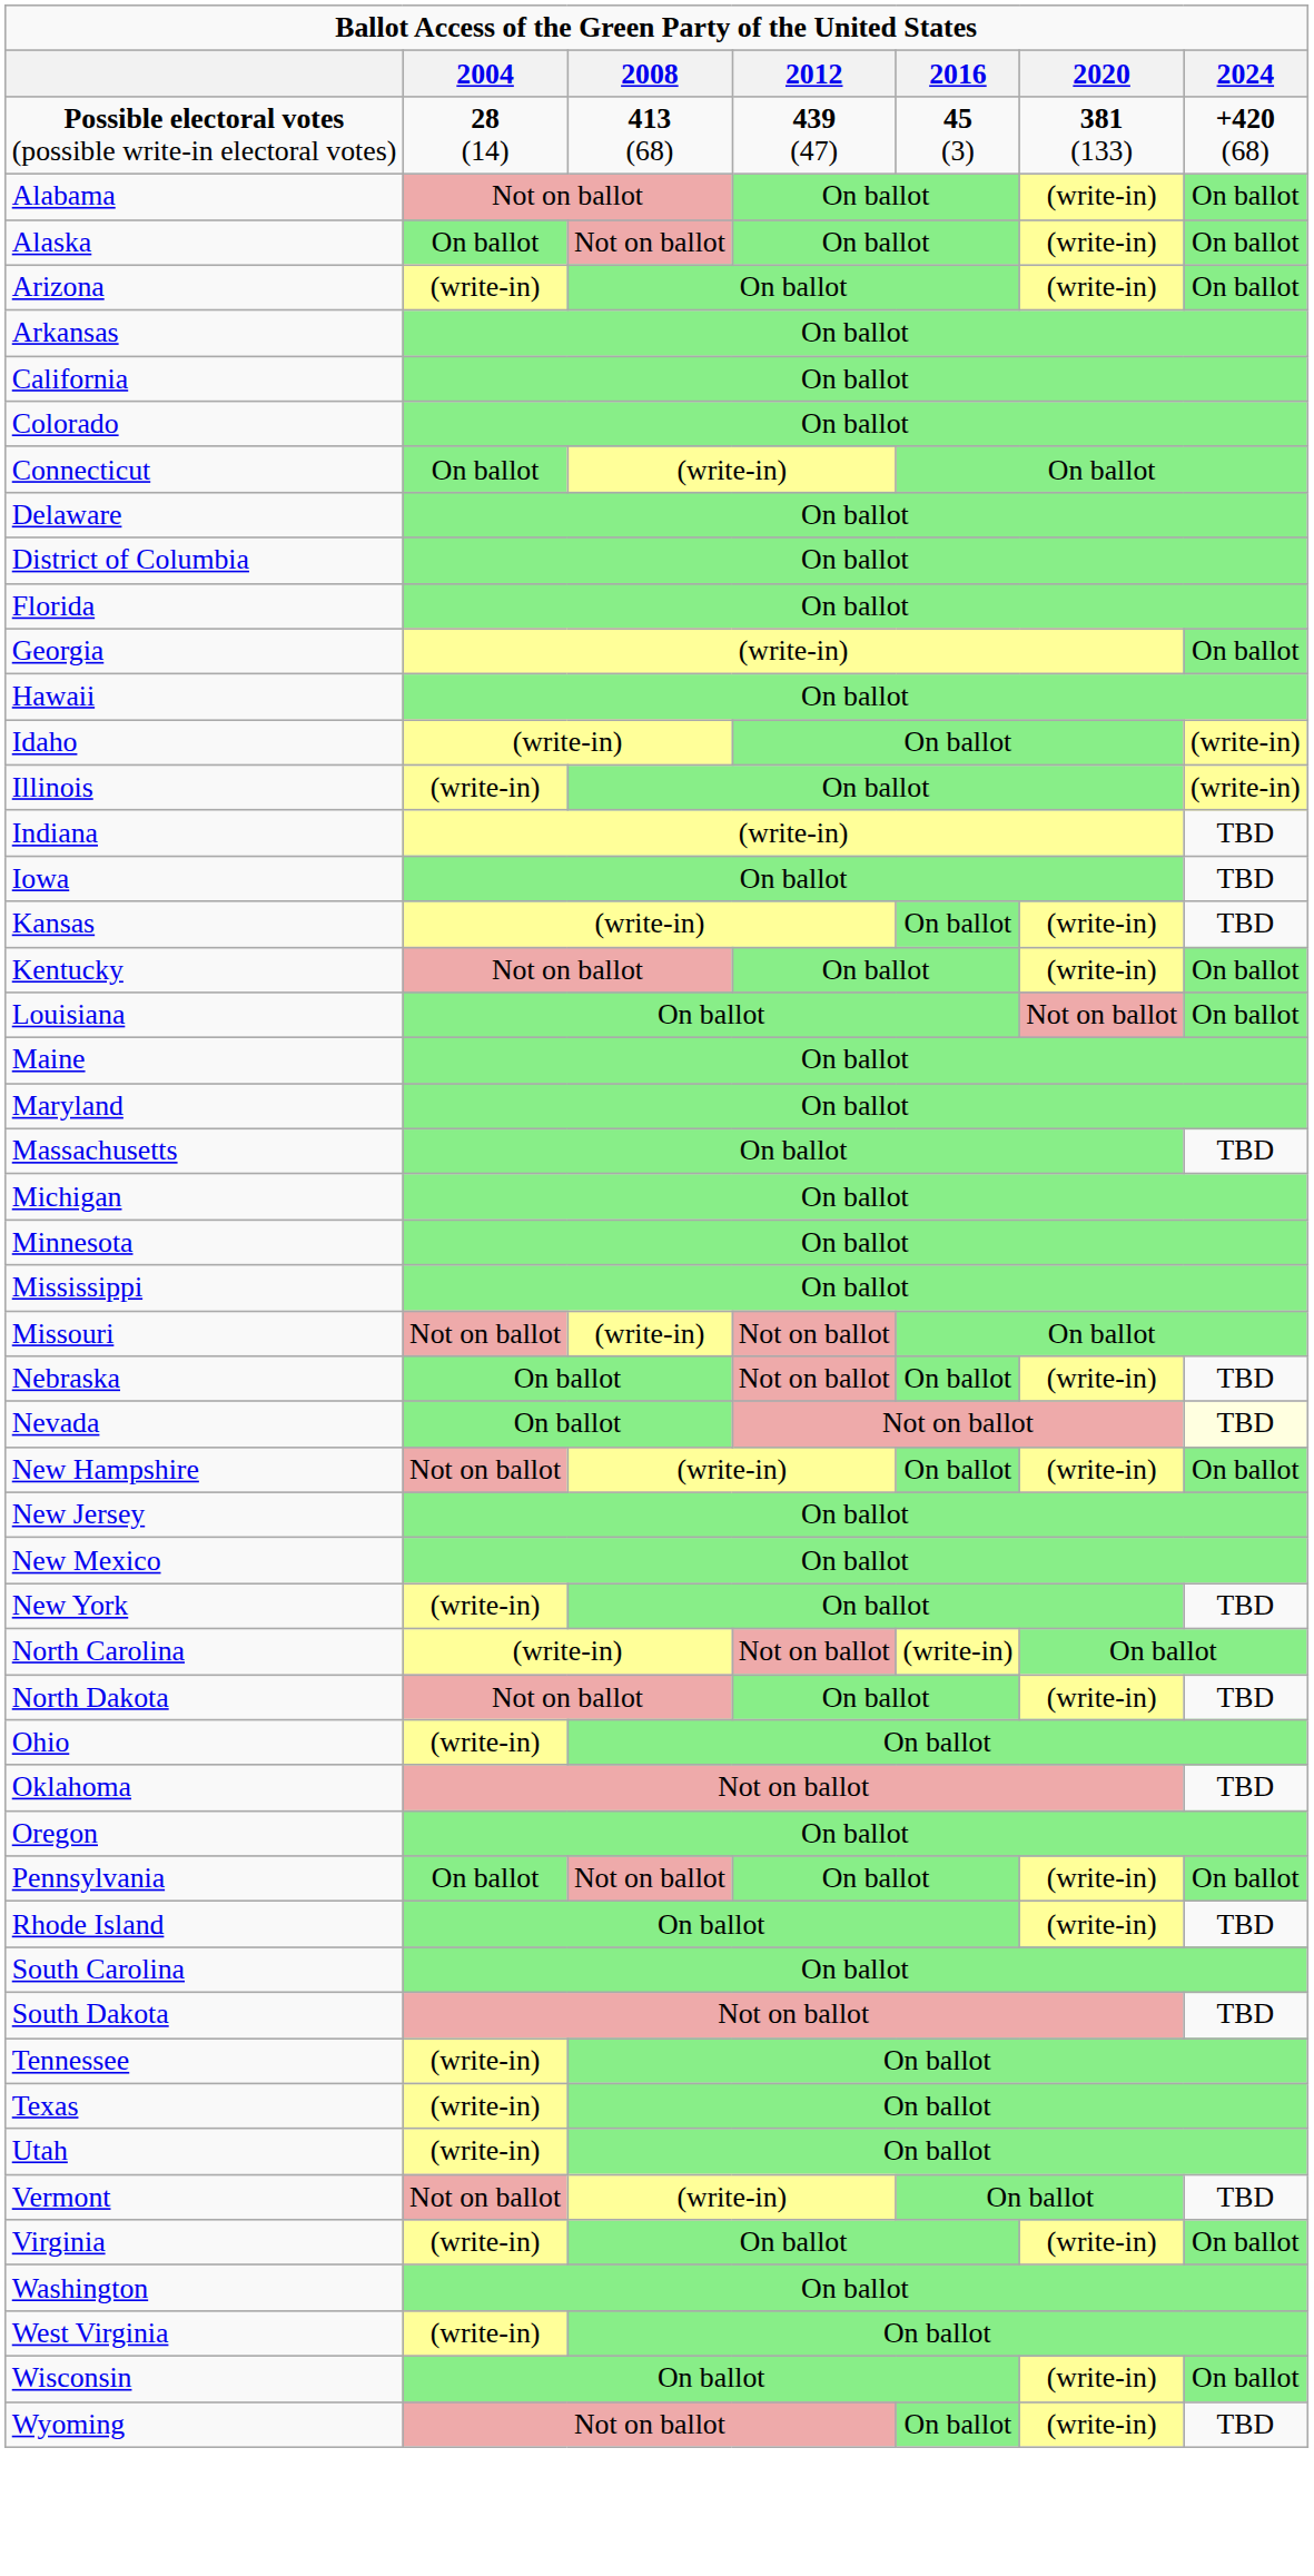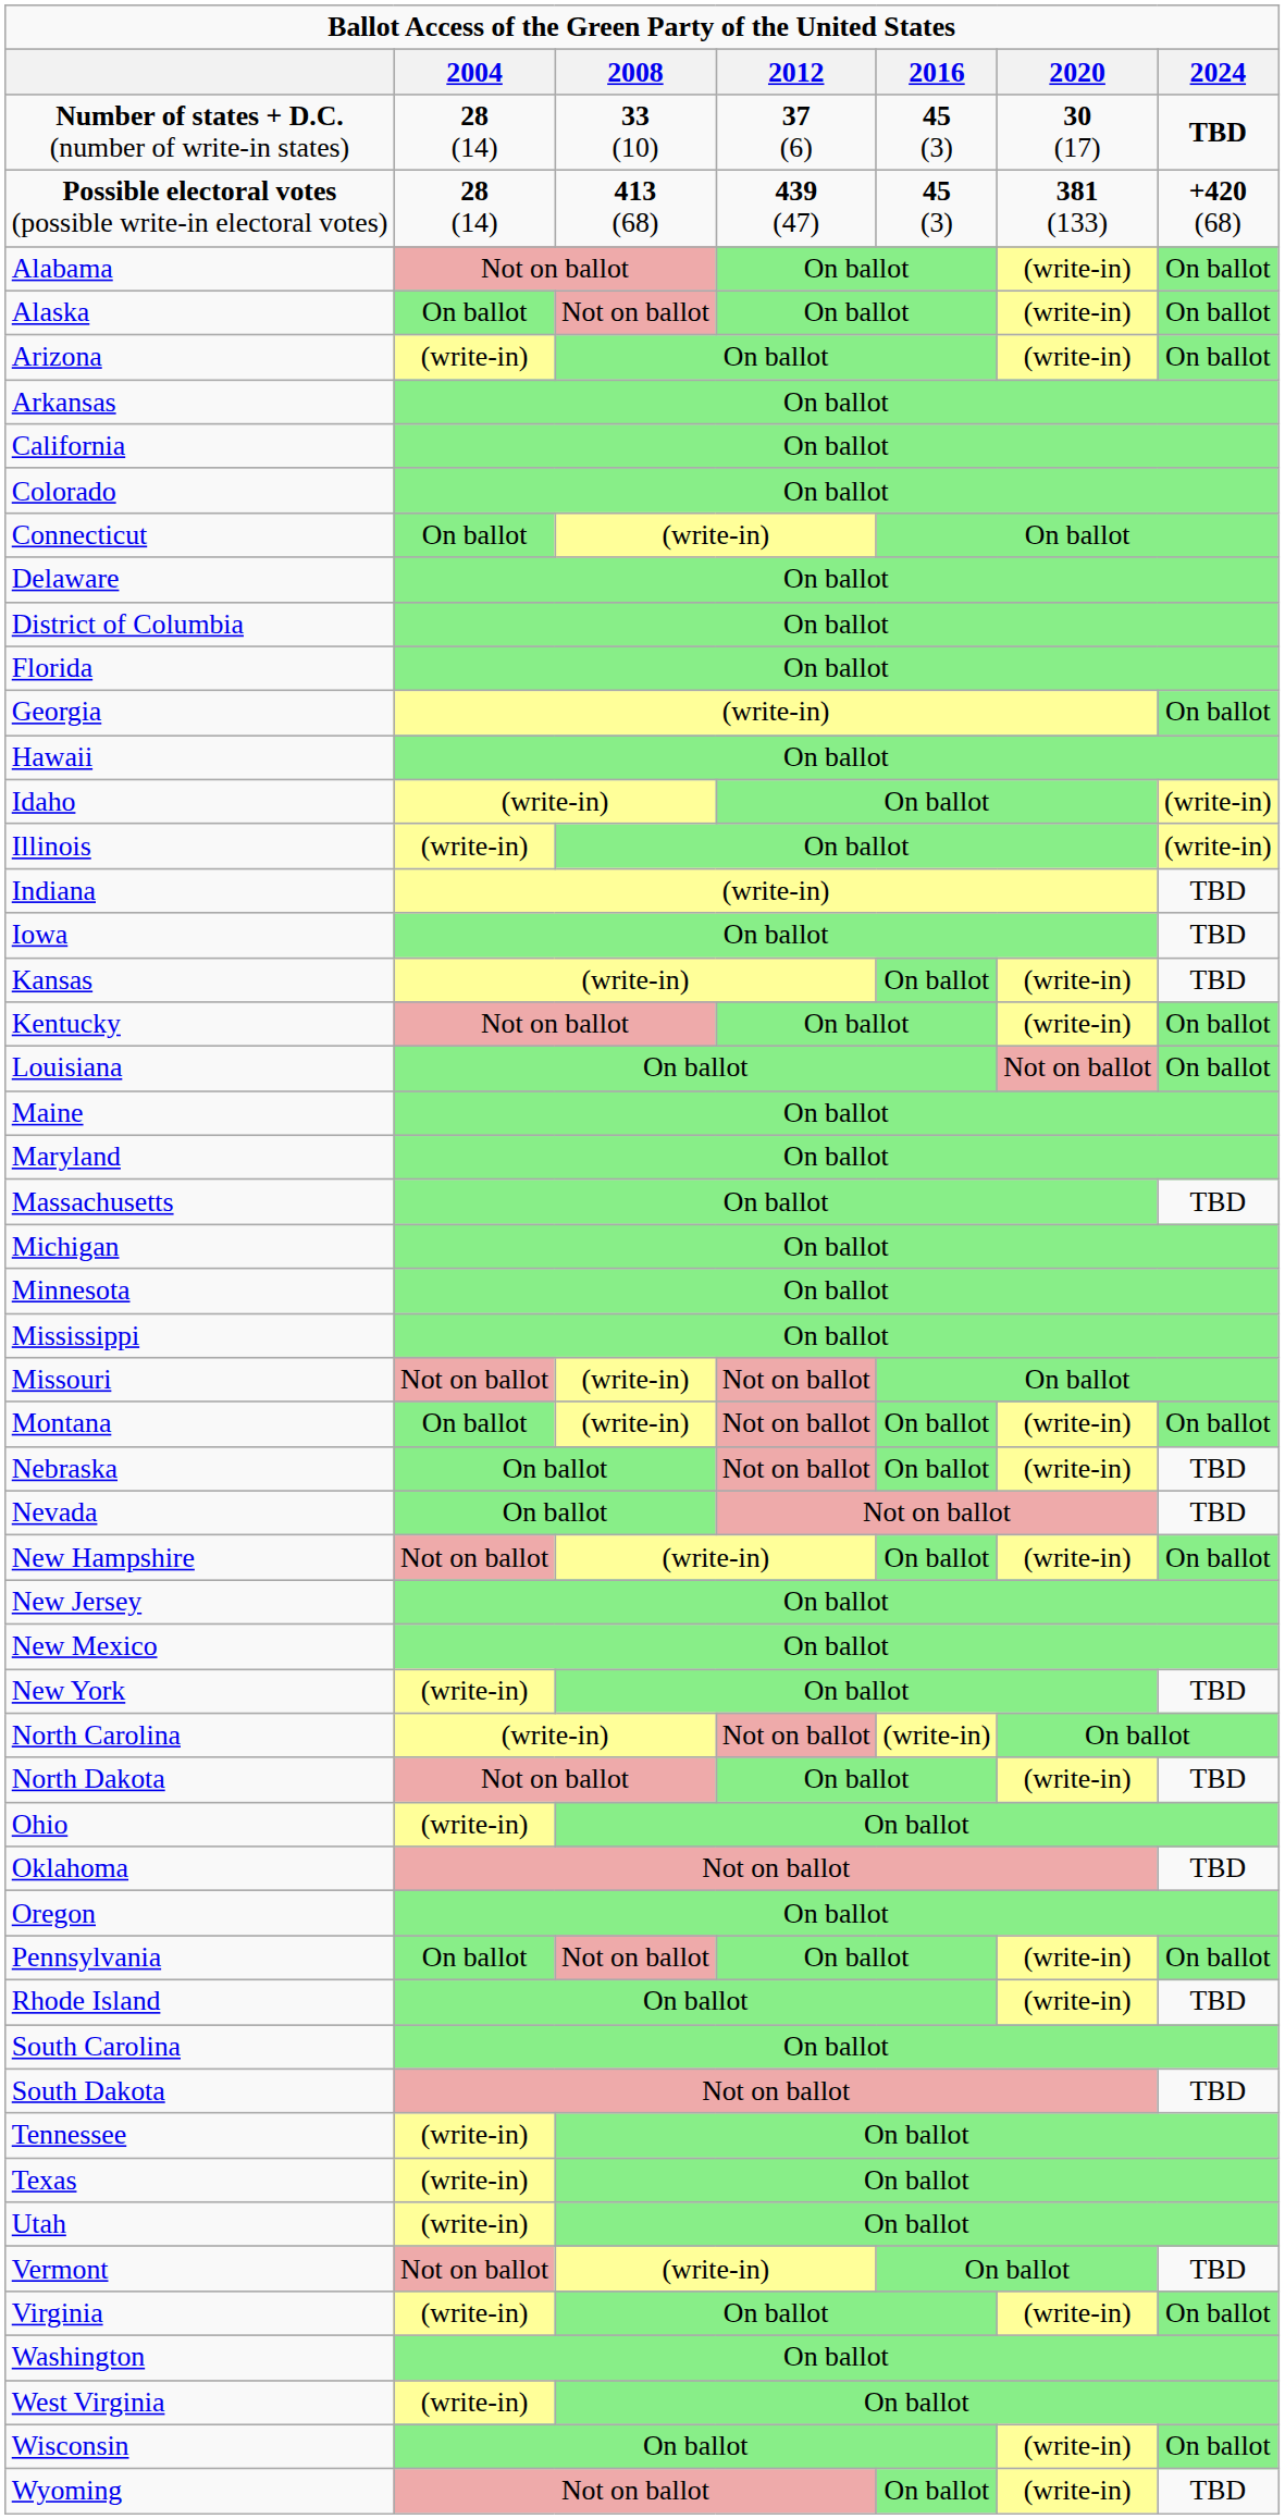 <table class=wikitable>
 <tr>
 <td style="text-align:center;" colspan="7"><strong>Ballot Access of the Green Party of the United States</strong></td>
 </tr>
 <tr>
 <th></th>
 <th style="text-align:center;"><a href='#'>2004</a></th>
 <th style="text-align:center;"><a href='#'>2008</a></th>
 <th style="text-align:center;"><a href='#'>2012</a></th>
 <th style="text-align:center;"><a href='#'>2016</a></th>
 <th style="text-align:center;"><a href='#'>2020</a></th>
 <th style="text-align:center;"><a href='#'>2024</a></th>
+</tr>
+<tr>
+<td style="text-align:center;"><strong>Number of states + D.C.</strong><br>(number of write-in states)</td>
+<td style="text-align:center;"><strong>28</strong><br>(14)</td>
+<td style="text-align:center;"><strong>33</strong><br>(10)</td>
+<td style="text-align:center;"><strong>37</strong><br>(6)</td>
+<td style="text-align:center;"><strong>45</strong><br>(3)</td>
+<td style="text-align:center;"><strong>30</strong><br>(17)</td>
+<td style="text-align:center;"><strong>TBD</strong></td>
 </tr>
 <tr>
 <td style="text-align:center;"><strong>Possible electoral votes</strong><br>(possible write-in electoral votes)</td>
 <td style="text-align:center;"><strong>28</strong><br>(14)</td>
 <td style="text-align:center;"><strong>413</strong><br>(68)</td>
 <td style="text-align:center;"><strong>439</strong><br>(47)</td>
 <td style="text-align:center;"><strong>45</strong><br>(3)</td>
 <td style="text-align:center;"><strong>381</strong><br>(133)</td>
 <td style="text-align:center;"><strong>+420</strong><br>(68)</td>
 </tr>
 <tr>
 <td><a href='#'>Alabama</a></td>
 <td style="text-align:center; background:#eaa;" colspan="2">Not on ballot</td>
 <td style="text-align:center; background:#88ee88;" colspan="2">On ballot</td>
 <td style="text-align:center; background:#ff9;">(write-in)</td>
 <td style="text-align:center; background:#88ee88;">On ballot</td>
 </tr>
 <tr>
 <td><a href='#'>Alaska</a></td>
 <td style="text-align:center; background:#88ee88;">On ballot</td>
 <td style="text-align:center; background:#eaa;">Not on ballot</td>
 <td style="text-align:center; background:#88ee88;" colspan="2">On ballot</td>
 <td style="text-align:center; background:#ff9;">(write-in)</td>
 <td style="text-align:center; background:#88ee88;">On ballot</td>
 </tr>
 <tr>
 <td><a href='#'>Arizona</a></td>
 <td style="text-align:center; background:#ff9;">(write-in)</td>
 <td style="text-align:center; background:#88ee88;" colspan="3">On ballot</td>
 <td style="text-align:center; background:#ff9;">(write-in)</td>
 <td style="text-align:center; background:#88ee88;">On ballot</td>
 </tr>
 <tr>
 <td><a href='#'>Arkansas</a></td>
 <td style="text-align:center; background:#88ee88;" colspan="6">On ballot</td>
 </tr>
 <tr>
 <td><a href='#'>California</a></td>
 <td style="text-align:center; background:#88ee88;" colspan="6">On ballot</td>
 </tr>
 <tr>
 <td><a href='#'>Colorado</a></td>
 <td style="text-align:center; background:#88ee88;" colspan="6">On ballot</td>
 </tr>
 <tr>
 <td><a href='#'>Connecticut</a></td>
 <td style="text-align:center; background:#88ee88;">On ballot</td>
 <td style="text-align:center; background:#ff9;" colspan="2">(write-in)</td>
 <td style="text-align:center; background:#88ee88;" colspan="3">On ballot</td>
 </tr>
 <tr>
 <td><a href='#'>Delaware</a></td>
 <td style="text-align:center; background:#88ee88;" colspan="6">On ballot</td>
 </tr>
 <tr>
 <td><a href='#'>District of Columbia</a></td>
 <td style="text-align:center; background:#88ee88;" colspan="6">On ballot</td>
 </tr>
 <tr>
 <td><a href='#'>Florida</a></td>
 <td style="text-align:center; background:#88ee88;" colspan="6">On ballot</td>
 </tr>
 <tr>
 <td><a href='#'>Georgia</a></td>
 <td style="text-align:center; background:#ff9;" colspan="5">(write-in)</td>
 <td style="text-align:center; background:#88ee88;">On ballot</td>
 </tr>
 <tr>
 <td><a href='#'>Hawaii</a></td>
 <td style="text-align:center; background:#88ee88;" colspan="6">On ballot</td>
 </tr>
 <tr>
 <td><a href='#'>Idaho</a></td>
 <td style="text-align:center; background:#ff9;" colspan="2">(write-in)</td>
 <td style="text-align:center; background:#88ee88;" colspan="3">On ballot</td>
 <td style="text-align:center; background:#ff9;">(write-in)</td>
 </tr>
 <tr>
 <td><a href='#'>Illinois</a></td>
 <td style="text-align:center; background:#ff9;">(write-in)</td>
 <td style="text-align:center; background:#88ee88;" colspan="4">On ballot</td>
 <td style="text-align:center; background:#ff9;">(write-in)</td>
 </tr>
 <tr>
 <td><a href='#'>Indiana</a></td>
 <td style="text-align:center; background:#ff9;" colspan="5">(write-in)</td>
 <td style="text-align:center;">TBD</td>
 </tr>
 <tr>
 <td><a href='#'>Iowa</a></td>
 <td style="text-align:center; background:#88ee88;" colspan="5">On ballot</td>
 <td style="text-align:center;">TBD</td>
 </tr>
 <tr>
 <td><a href='#'>Kansas</a></td>
 <td style="text-align:center; background:#ff9;" colspan="3">(write-in)</td>
 <td style="text-align:center; background:#88ee88;">On ballot</td>
 <td style="text-align:center; background:#ff9;">(write-in)</td>
 <td style="text-align:center;">TBD</td>
 </tr>
 <tr>
 <td><a href='#'>Kentucky</a></td>
 <td style="text-align:center; background:#eaa;" colspan="2">Not on ballot</td>
 <td style="text-align:center; background:#88ee88;" colspan="2">On ballot</td>
 <td style="text-align:center; background:#ff9;">(write-in)</td>
 <td style="text-align:center; background:#88ee88;">On ballot</td>
 </tr>
 <tr>
 <td><a href='#'>Louisiana</a></td>
 <td style="text-align:center; background:#88ee88;" colspan="4">On ballot</td>
 <td style="text-align:center; background:#eaa;">Not on ballot</td>
 <td style="text-align:center; background:#88ee88;">On ballot</td>
 </tr>
 <tr>
 <td><a href='#'>Maine</a></td>
 <td style="text-align:center; background:#88ee88;" colspan="6">On ballot</td>
 </tr>
 <tr>
 <td><a href='#'>Maryland</a></td>
 <td style="text-align:center; background:#88ee88;" colspan="6">On ballot</td>
 </tr>
 <tr>
 <td><a href='#'>Massachusetts</a></td>
 <td style="text-align:center; background:#88ee88;" colspan="5">On ballot</td>
 <td style="text-align:center;">TBD</td>
 </tr>
 <tr>
 <td><a href='#'>Michigan</a></td>
 <td style="text-align:center; background:#88ee88;" colspan="6">On ballot</td>
 </tr>
 <tr>
 <td><a href='#'>Minnesota</a></td>
 <td style="text-align:center; background:#88ee88;" colspan="6">On ballot</td>
 </tr>
 <tr>
 <td><a href='#'>Mississippi</a></td>
 <td style="text-align:center; background:#88ee88;" colspan="6">On ballot</td>
 </tr>
 <tr>
 <td><a href='#'>Missouri</a></td>
 <td style="text-align:center; background:#eaa;">Not on ballot</td>
 <td style="text-align:center; background:#ff9;">(write-in)</td>
 <td style="text-align:center; background:#eaa;">Not on ballot</td>
 <td style="text-align:center; background:#88ee88;" colspan="3">On ballot</td>
 </tr>
 <tr>
+<td><a href='#'>Montana</a></td>
+<td style="text-align:center; background:#88ee88;">On ballot</td>
+<td style="text-align:center; background:#ff9;">(write-in)</td>
+<td style="text-align:center; background:#eaa;">Not on ballot</td>
+<td style="text-align:center; background:#88ee88;">On ballot</td>
+<td style="text-align:center; background:#ff9;">(write-in)</td>
+<td style="text-align:center; background:#88ee88;">On ballot</td>
+</tr>
+<tr>
 <td><a href='#'>Nebraska</a></td>
 <td style="text-align:center; background:#88ee88;" colspan="2">On ballot</td>
 <td style="text-align:center; background:#eaa;">Not on ballot</td>
 <td style="text-align:center; background:#88ee88;">On ballot</td>
 <td style="text-align:center; background:#ff9;">(write-in)</td>
 <td style="text-align:center;">TBD</td>
 </tr>
 <tr>
 <td><a href='#'>Nevada</a></td>
 <td style="text-align:center; background:#88ee88;" colspan="2">On ballot</td>
 <td style="text-align:center; background:#eaa;" colspan="3">Not on ballot</td>
-<td style="background: lightyellow; text-align:center;">TBD</td>
+<td style="text-align:center;">TBD</td>
 </tr>
 <tr>
 <td><a href='#'>New Hampshire</a></td>
 <td style="text-align:center; background:#eaa;">Not on ballot</td>
 <td style="text-align:center; background:#ff9;" colspan="2">(write-in)</td>
 <td style="text-align:center; background:#88ee88;">On ballot</td>
 <td style="text-align:center; background:#ff9;">(write-in)</td>
 <td style="text-align:center; background:#88ee88;">On ballot</td>
 </tr>
 <tr>
 <td><a href='#'>New Jersey</a></td>
 <td style="text-align:center; background:#88ee88;" colspan="6">On ballot</td>
 </tr>
 <tr>
 <td><a href='#'>New Mexico</a></td>
 <td style="text-align:center; background:#88ee88;" colspan="6">On ballot</td>
 </tr>
 <tr>
 <td><a href='#'>New York</a></td>
 <td style="text-align:center; background:#ff9;">(write-in)</td>
 <td style="text-align:center; background:#88ee88;" colspan="4">On ballot</td>
 <td style="text-align:center;">TBD</td>
 </tr>
 <tr>
 <td><a href='#'>North Carolina</a></td>
 <td style="text-align:center; background:#ff9;" colspan="2">(write-in)</td>
 <td style="text-align:center; background:#eaa;">Not on ballot</td>
 <td style="text-align:center; background:#ff9;">(write-in)</td>
 <td style="text-align:center; background:#88ee88;" colspan="2">On ballot</td>
 </tr>
 <tr>
 <td><a href='#'>North Dakota</a></td>
 <td style="text-align:center; background:#eaa;" colspan="2">Not on ballot</td>
 <td style="text-align:center; background:#88ee88;" colspan="2">On ballot</td>
 <td style="text-align:center; background:#ff9;">(write-in)</td>
 <td style="text-align:center;">TBD</td>
 </tr>
 <tr>
 <td><a href='#'>Ohio</a></td>
 <td style="text-align:center; background:#ff9;">(write-in)</td>
 <td style="text-align:center; background:#88ee88;" colspan="5">On ballot</td>
 </tr>
 <tr>
 <td><a href='#'>Oklahoma</a></td>
 <td style="text-align:center; background:#eaa;" colspan="5">Not on ballot</td>
 <td style="text-align:center;">TBD</td>
 </tr>
 <tr>
 <td><a href='#'>Oregon</a></td>
 <td style="text-align:center; background:#88ee88;" colspan="6">On ballot</td>
 </tr>
 <tr>
 <td><a href='#'>Pennsylvania</a></td>
 <td style="text-align:center; background:#88ee88;">On ballot</td>
 <td style="text-align:center; background:#eaa;">Not on ballot</td>
 <td style="text-align:center; background:#88ee88;" colspan="2">On ballot</td>
 <td style="text-align:center; background:#ff9;">(write-in)</td>
 <td style="text-align:center; background:#88ee88;">On ballot</td>
 </tr>
 <tr>
 <td><a href='#'>Rhode Island</a></td>
 <td style="text-align:center; background:#88ee88;" colspan="4">On ballot</td>
 <td style="text-align:center; background:#ff9;">(write-in)</td>
 <td style="text-align:center;">TBD</td>
 </tr>
 <tr>
 <td><a href='#'>South Carolina</a></td>
 <td style="text-align:center; background:#88ee88;" colspan="6">On ballot</td>
 </tr>
 <tr>
 <td><a href='#'>South Dakota</a></td>
 <td style="text-align:center; background:#eaa;" colspan="5">Not on ballot</td>
 <td style="text-align:center;">TBD</td>
 </tr>
 <tr>
 <td><a href='#'>Tennessee</a></td>
 <td style="text-align:center; background:#ff9;">(write-in)</td>
 <td style="text-align:center; background:#88ee88;" colspan="5">On ballot</td>
 </tr>
 <tr>
 <td><a href='#'>Texas</a></td>
 <td style="text-align:center; background:#ff9;">(write-in)</td>
 <td style="text-align:center; background:#88ee88;" colspan="5">On ballot</td>
 </tr>
 <tr>
 <td><a href='#'>Utah</a></td>
 <td style="text-align:center; background:#ff9;">(write-in)</td>
 <td style="text-align:center; background:#88ee88;" colspan="5">On ballot</td>
 </tr>
 <tr>
 <td><a href='#'>Vermont</a></td>
 <td style="text-align:center; background:#eaa;">Not on ballot</td>
 <td style="text-align:center; background:#ff9;" colspan="2">(write-in)</td>
 <td style="text-align:center; background:#88ee88;" colspan="2">On ballot</td>
 <td style="text-align:center;">TBD</td>
 </tr>
 <tr>
 <td><a href='#'>Virginia</a></td>
 <td style="text-align:center; background:#ff9;">(write-in)</td>
 <td style="text-align:center; background:#88ee88;" colspan="3">On ballot</td>
 <td style="text-align:center; background:#ff9;">(write-in)</td>
 <td style="text-align:center; background:#88ee88;">On ballot</td>
 </tr>
 <tr>
 <td><a href='#'>Washington</a></td>
 <td style="text-align:center; background:#88ee88;" colspan="6">On ballot</td>
 </tr>
 <tr>
 <td><a href='#'>West Virginia</a></td>
 <td style="text-align:center; background:#ff9;">(write-in)</td>
 <td style="text-align:center; background:#88ee88;" colspan="5">On ballot</td>
 </tr>
 <tr>
 <td><a href='#'>Wisconsin</a></td>
 <td style="text-align:center; background:#88ee88;" colspan="4">On ballot</td>
 <td style="text-align:center; background:#ff9;">(write-in)</td>
 <td style="text-align:center; background:#88ee88;">On ballot</td>
 </tr>
 <tr>
 <td><a href='#'>Wyoming</a></td>
 <td style="text-align:center; background:#eaa;" colspan="3">Not on ballot</td>
 <td style="text-align:center; background:#88ee88;">On ballot</td>
 <td style="text-align:center; background:#ff9;">(write-in)</td>
 <td style="text-align:center;">TBD</td>
 </tr>
 </table>
